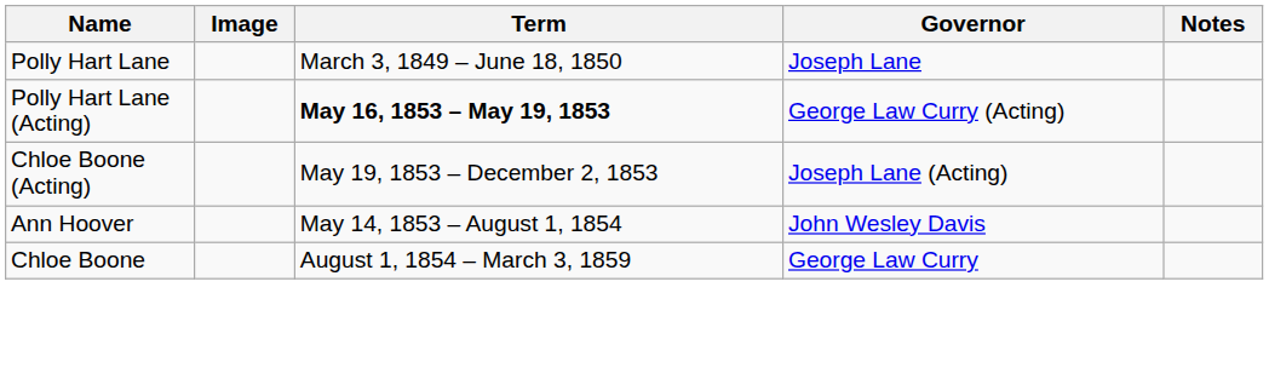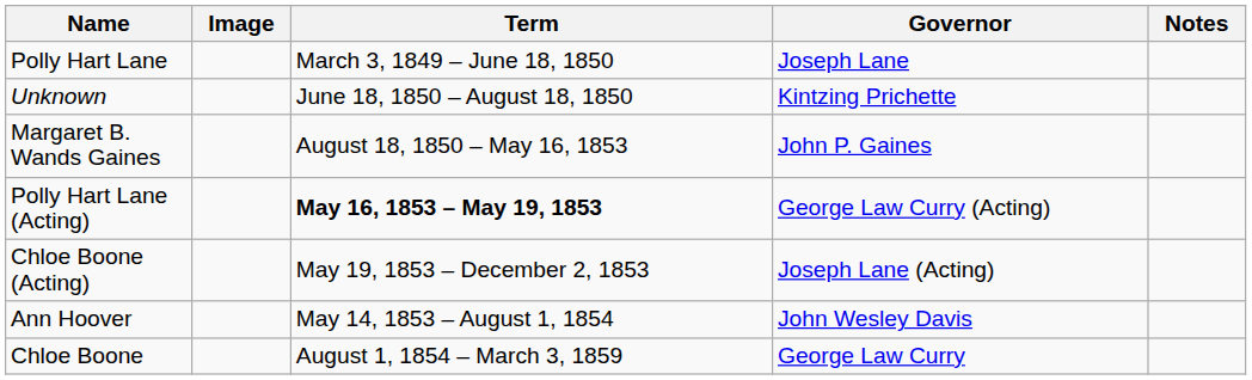 <table class="wikitable sortable" style="width:98%">
 <tr>
 <th width="15%" scope="col">Name</th>
 <th class="unsortable" width="8%" scope="col">Image</th>
 <th width="class=">Term</th>
 <th width="" scope="col">Governor</th>
 <th>Notes</th>
 </tr>
 <tr>
 <td>Polly Hart Lane</td>
 <td></td>
 <td>March 3, 1849 – June 18, 1850</td>
 <td><a href='#'>Joseph Lane</a></td>
+<td></td>
+</tr>
+<tr>
+<td><em>Unknown</em></td>
+<td></td>
+<td>June 18, 1850 – August 18, 1850</td>
+<td><a href='#'>Kintzing Prichette</a></td>
+<td></td>
+</tr>
+<tr>
+<td>Margaret B. Wands Gaines</td>
+<td></td>
+<td>August 18, 1850 – May 16, 1853</td>
+<td><a href='#'>John P. Gaines</a></td>
 <td></td>
 </tr>
 <tr>
 <td>Polly Hart Lane (Acting)</td>
 <td></td>
 <td><strong>May 16, 1853 – May 19, 1853</strong></td>
 <td><a href='#'>George Law Curry</a> (Acting)</td>
 <td></td>
 </tr>
 <tr>
 <td>Chloe Boone (Acting)</td>
 <td></td>
 <td>May 19, 1853 – December 2, 1853</td>
 <td><a href='#'>Joseph Lane</a> (Acting)</td>
 <td></td>
 </tr>
 <tr>
 <td scope="row">Ann Hoover</td>
 <td></td>
 <td>May 14, 1853 – August 1, 1854</td>
 <td><a href='#'>John Wesley Davis</a></td>
 <td></td>
 </tr>
 <tr>
 <td scope="row">Chloe Boone</td>
 <td></td>
 <td>August 1, 1854 – March 3, 1859</td>
 <td><a href='#'>George Law Curry</a></td>
 <td></td>
 </tr>
 </table>
